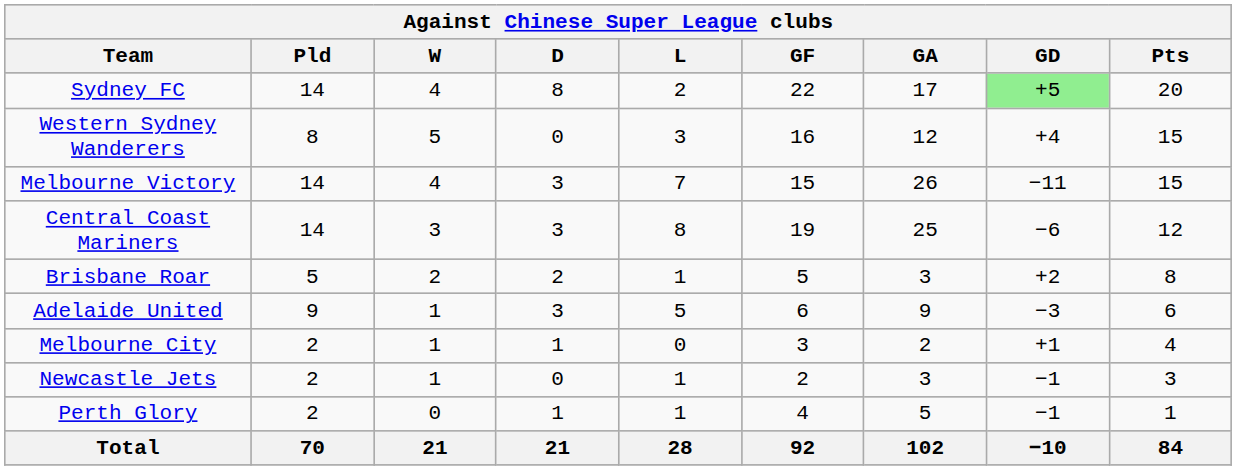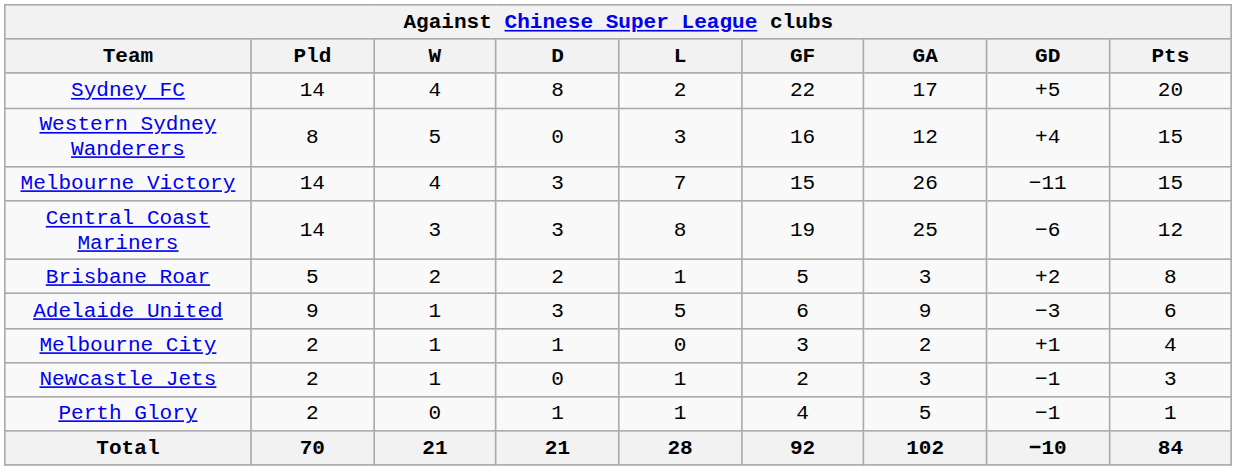 <table width=60% class="wikitable" style="text-align:center">
 <tr>
 <th colspan=9>Against <a href='#'>Chinese Super League</a> clubs</th>
 </tr>
 <tr>
 <th width=10%>Team</th>
 <th width=5%>Pld</th>
 <th width=5%>W</th>
 <th width=5%>D</th>
 <th width=5%>L</th>
 <th width=5%>GF</th>
 <th width=5%>GA</th>
 <th width=5%>GD</th>
 <th width=5%>Pts</th>
 </tr>
 <tr>
 <td><a href='#'>Sydney FC</a></td>
 <td>14</td>
 <td>4</td>
 <td>8</td>
 <td>2</td>
 <td>22</td>
 <td>17</td>
-<td style="background: lightgreen;">+5</td>
+<td>+5</td>
 <td>20</td>
 </tr>
 <tr>
 <td><a href='#'>Western Sydney Wanderers</a></td>
 <td>8</td>
 <td>5</td>
 <td>0</td>
 <td>3</td>
 <td>16</td>
 <td>12</td>
 <td>+4</td>
 <td>15</td>
 </tr>
 <tr>
 <td><a href='#'>Melbourne Victory</a></td>
 <td>14</td>
 <td>4</td>
 <td>3</td>
 <td>7</td>
 <td>15</td>
 <td>26</td>
 <td>−11</td>
 <td>15</td>
 </tr>
 <tr>
 <td><a href='#'>Central Coast Mariners</a></td>
 <td>14</td>
 <td>3</td>
 <td>3</td>
 <td>8</td>
 <td>19</td>
 <td>25</td>
 <td>−6</td>
 <td>12</td>
 </tr>
 <tr>
 <td><a href='#'>Brisbane Roar</a></td>
 <td>5</td>
 <td>2</td>
 <td>2</td>
 <td>1</td>
 <td>5</td>
 <td>3</td>
 <td>+2</td>
 <td>8</td>
 </tr>
 <tr>
 <td><a href='#'>Adelaide United</a></td>
 <td>9</td>
 <td>1</td>
 <td>3</td>
 <td>5</td>
 <td>6</td>
 <td>9</td>
 <td>−3</td>
 <td>6</td>
 </tr>
 <tr>
 <td><a href='#'>Melbourne City</a></td>
 <td>2</td>
 <td>1</td>
 <td>1</td>
 <td>0</td>
 <td>3</td>
 <td>2</td>
 <td>+1</td>
 <td>4</td>
 </tr>
 <tr>
 <td><a href='#'>Newcastle Jets</a></td>
 <td>2</td>
 <td>1</td>
 <td>0</td>
 <td>1</td>
 <td>2</td>
 <td>3</td>
 <td>−1</td>
 <td>3</td>
 </tr>
 <tr>
 <td><a href='#'>Perth Glory</a></td>
 <td>2</td>
 <td>0</td>
 <td>1</td>
 <td>1</td>
 <td>4</td>
 <td>5</td>
 <td>−1</td>
 <td>1</td>
 </tr>
 <tr>
 <th>Total</th>
 <th>70</th>
 <th>21</th>
 <th>21</th>
 <th>28</th>
 <th>92</th>
 <th>102</th>
 <th>−10</th>
 <th>84</th>
 </tr>
 </table>
